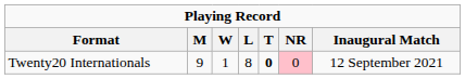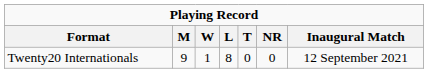 <table class="wikitable" style="text-align: center; width: 500px;">
 <tr>
 <td colspan=7 align="center"><strong>Playing Record</strong></td>
 </tr>
 <tr>
 <th>Format</th>
 <th>M</th>
 <th>W</th>
 <th>L</th>
 <th>T</th>
 <th>NR</th>
 <th>Inaugural Match</th>
 </tr>
 <tr>
 <td align="left">Twenty20 Internationals</td>
 <td>9</td>
 <td>1</td>
 <td>8</td>
-<td><strong>0</strong></td>
-<td style="background: pink;">0</td>
+<td>0</td>
+<td>0</td>
 <td>12 September 2021</td>
 </tr>
 </table>
